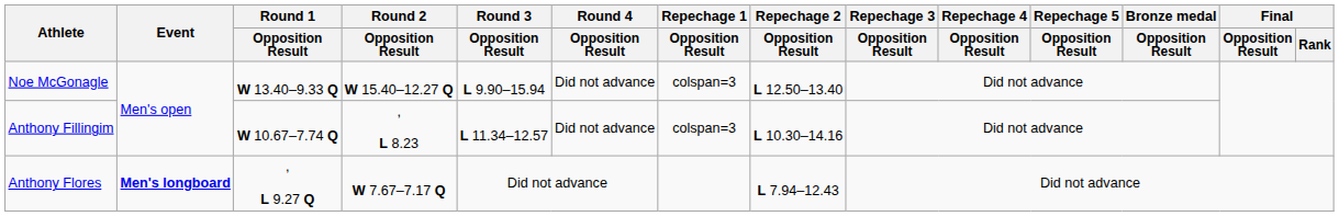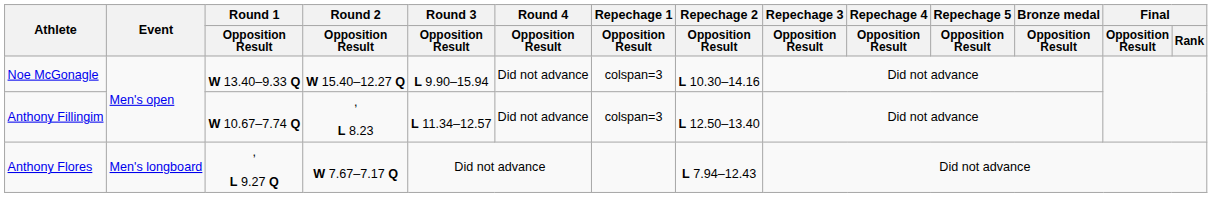 <table class=wikitable style=font-size:75%;text-align:center>
 <tr>
 <th rowspan=2>Athlete</th>
 <th rowspan=2>Event</th>
 <th>Round 1</th>
 <th>Round 2</th>
 <th>Round 3</th>
 <th>Round 4</th>
 <th>Repechage 1</th>
 <th>Repechage 2</th>
 <th>Repechage 3</th>
 <th>Repechage 4</th>
 <th>Repechage 5</th>
 <th>Bronze medal</th>
 <th colspan=2>Final</th>
 </tr>
 <tr style=font-size:95%>
 <th>Opposition<br>Result</th>
 <th>Opposition<br>Result</th>
 <th>Opposition<br>Result</th>
 <th>Opposition<br>Result</th>
 <th>Opposition<br>Result</th>
 <th>Opposition<br>Result</th>
 <th>Opposition<br>Result</th>
 <th>Opposition<br>Result</th>
 <th>Opposition<br>Result</th>
 <th>Opposition<br>Result</th>
 <th>Opposition<br>Result</th>
 <th>Rank</th>
 </tr>
 <tr>
 <td align=left><a href='#'>Noe McGonagle</a></td>
 <td align=left rowspan=2><a href='#'>Men's open</a></td>
 <td><br><strong>W</strong> 13.40–9.33 <strong>Q</strong></td>
 <td><br><strong>W</strong> 15.40–12.27 <strong>Q</strong></td>
 <td><br><strong>L</strong> 9.90–15.94</td>
 <td>Did not advance</td>
 <td>colspan=3 </td>
-<td><br><strong>L</strong> 12.50–13.40</td>
+<td><br><strong>L</strong> 10.30–14.16</td>
 <td colspan=4>Did not advance</td>
 </tr>
 <tr>
 <td align=left><a href='#'>Anthony Fillingim</a></td>
 <td><br><strong>W</strong> 10.67–7.74 <strong>Q</strong></td>
 <td>,<br><br><strong>L</strong> 8.23</td>
 <td><br><strong>L</strong> 11.34–12.57</td>
 <td>Did not advance</td>
 <td>colspan=3 </td>
-<td><br><strong>L</strong> 10.30–14.16</td>
+<td><br><strong>L</strong> 12.50–13.40</td>
 <td colspan=4>Did not advance</td>
 </tr>
 <tr>
 <td align=left><a href='#'>Anthony Flores</a></td>
-<td align=left><strong><a href='#'>Men's longboard</a></strong></td>
+<td align=left><a href='#'>Men's longboard</a></td>
 <td>,<br><br><strong>L</strong> 9.27 <strong>Q</strong></td>
 <td><br><strong>W</strong> 7.67–7.17 <strong>Q</strong></td>
 <td colspan=2>Did not advance</td>
 <td></td>
 <td><br><strong>L</strong> 7.94–12.43</td>
 <td colspan=6>Did not advance</td>
 </tr>
 </table>
